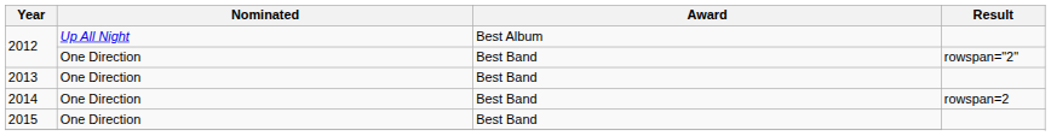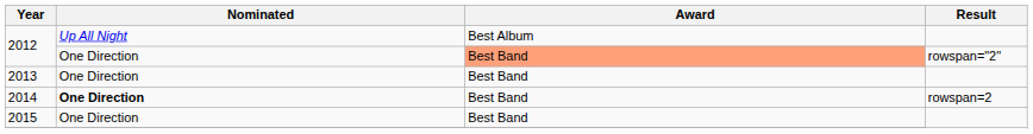 <table class="wikitable" style="width:100%;">
 <tr>
 <th width=5%>Year</th>
 <th style="width:40%;">Nominated</th>
 <th style="width:45%;">Award</th>
 <th style="width:10%;">Result</th>
 </tr>
 <tr>
 <td rowspan="2">2012</td>
 <td><em><a href='#'>Up All Night</a></em></td>
 <td>Best Album</td>
 <td></td>
 </tr>
 <tr>
 <td>One Direction</td>
-<td>Best Band</td>
+<td style="background: lightsalmon;">Best Band</td>
 <td>rowspan="2" </td>
 </tr>
 <tr>
 <td rowspan="1">2013</td>
 <td>One Direction</td>
 <td>Best Band</td>
 </tr>
 <tr>
 <td rowspan="1">2014</td>
-<td>One Direction</td>
+<td><strong>One Direction</strong></td>
 <td>Best Band</td>
 <td>rowspan=2 </td>
 </tr>
 <tr>
 <td rowspan="1">2015</td>
 <td>One Direction</td>
 <td>Best Band</td>
 </tr>
 <tr>
 </tr>
 </table>
